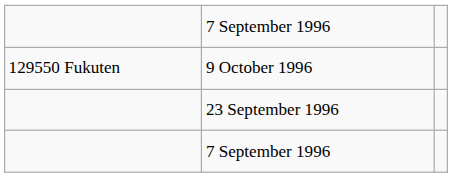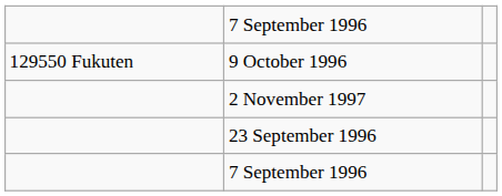 <table class="wikitable" style="font-size: 89%; float: left; width: 26em; margin-right: 1em; height: 140px;">
 <tr>
 <td></td>
 <td>7 September 1996</td>
 <td></td>
 </tr>
 <tr>
 <td>129550 Fukuten</td>
 <td>9 October 1996</td>
 <td></td>
 </tr>
 <tr>
 <td></td>
+<td>2 November 1997</td>
+<td></td>
+</tr>
+<tr>
+<td></td>
 <td>23 September 1996</td>
 <td></td>
 </tr>
 <tr>
 <td></td>
 <td>7 September 1996</td>
 <td></td>
 </tr>
 </table>
